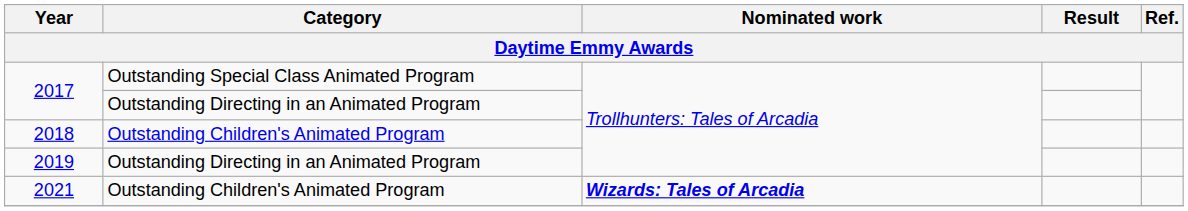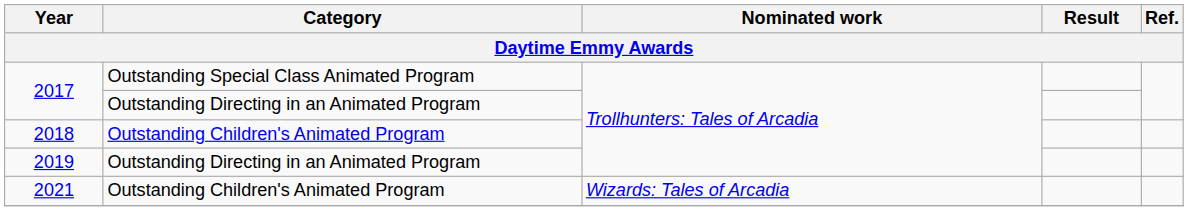 <table class=wikitable>
 <tr>
 <th scope="col" style="width:5em;">Year</th>
 <th scope="col" style="width:26em;">Category</th>
 <th scope="col" style="width:25em;">Nominated work</th>
 <th scope="col" style="width:5em;">Result</th>
 <th>Ref.</th>
 </tr>
 <tr>
 <th colspan=5><a href='#'>Daytime Emmy Awards</a></th>
 </tr>
 <tr>
 <td style="text-align:center;", rowspan="2"><a href='#'>2017</a></td>
 <td>Outstanding Special Class Animated Program</td>
 <td rowspan="4"><em><a href='#'>Trollhunters: Tales of Arcadia</a></em></td>
 <td></td>
 <td style="text-align:center;" rowspan="2"></td>
 </tr>
 <tr>
 <td>Outstanding Directing in an Animated Program</td>
 <td></td>
 </tr>
 <tr>
 <td style="text-align:center;"><a href='#'>2018</a></td>
 <td><a href='#'>Outstanding Children's Animated Program</a></td>
 <td></td>
 <td style="text-align:center;"></td>
 </tr>
 <tr>
 <td style="text-align:center;"><a href='#'>2019</a></td>
 <td>Outstanding Directing in an Animated Program</td>
 <td></td>
 <td style="text-align:center;"></td>
 </tr>
 <tr>
 <td style="text-align:center;"><a href='#'>2021</a></td>
 <td>Outstanding Children's Animated Program</td>
-<td><strong><em><a href='#'>Wizards: Tales of Arcadia</a></em></strong></td>
+<td><em><a href='#'>Wizards: Tales of Arcadia</a></em></td>
 <td></td>
 <td style="text-align:center;"></td>
 </tr>
 <tr>
 </tr>
 </table>
